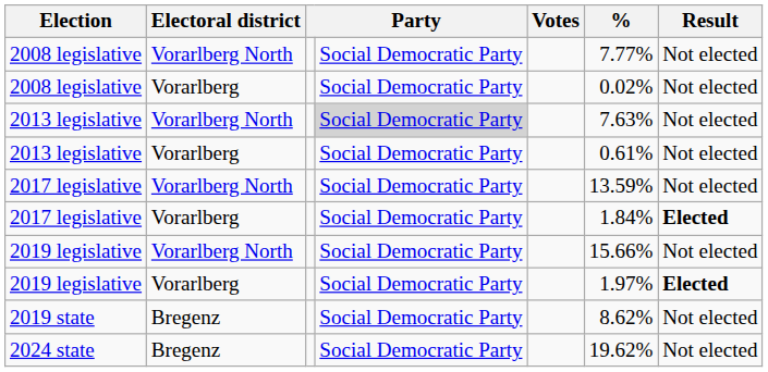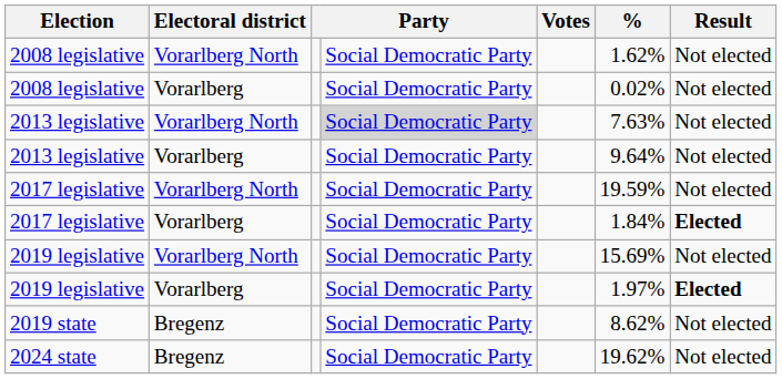 <table class="wikitable" style="text-align:left;">
 <tr>
 <th scope=col>Election</th>
 <th scope=col>Electoral district</th>
 <th scope=col colspan="2">Party</th>
 <th scope=col>Votes</th>
 <th scope=col>%</th>
 <th scope=col>Result</th>
 </tr>
 <tr>
 <td><a href='#'>2008 legislative</a></td>
 <td><a href='#'>Vorarlberg North</a></td>
 <td style="background:"></td>
 <td><a href='#'>Social Democratic Party</a></td>
 <td align=right></td>
-<td align=right>7.77%</td>
+<td align=right>1.62%</td>
 <td>Not elected</td>
 </tr>
 <tr>
 <td><a href='#'>2008 legislative</a></td>
 <td>Vorarlberg</td>
 <td style="background:"></td>
 <td><a href='#'>Social Democratic Party</a></td>
 <td align=right></td>
 <td align=right>0.02%</td>
 <td>Not elected</td>
 </tr>
 <tr>
 <td><a href='#'>2013 legislative</a></td>
 <td><a href='#'>Vorarlberg North</a></td>
 <td style="background:"></td>
 <td style="background: lightgrey;"><a href='#'>Social Democratic Party</a></td>
 <td align=right></td>
 <td align=right>7.63%</td>
 <td>Not elected</td>
 </tr>
 <tr>
 <td><a href='#'>2013 legislative</a></td>
 <td>Vorarlberg</td>
 <td style="background:"></td>
 <td><a href='#'>Social Democratic Party</a></td>
 <td align=right></td>
-<td align=right>0.61%</td>
+<td align=right>9.64%</td>
 <td>Not elected</td>
 </tr>
 <tr>
 <td><a href='#'>2017 legislative</a></td>
 <td><a href='#'>Vorarlberg North</a></td>
 <td style="background:"></td>
 <td><a href='#'>Social Democratic Party</a></td>
 <td align=right></td>
-<td align=right>13.59%</td>
+<td align=right>19.59%</td>
 <td>Not elected</td>
 </tr>
 <tr>
 <td><a href='#'>2017 legislative</a></td>
 <td>Vorarlberg</td>
 <td style="background:"></td>
 <td><a href='#'>Social Democratic Party</a></td>
 <td align=right></td>
 <td align=right>1.84%</td>
 <td><strong>Elected</strong></td>
 </tr>
 <tr>
 <td><a href='#'>2019 legislative</a></td>
 <td><a href='#'>Vorarlberg North</a></td>
 <td style="background:"></td>
 <td><a href='#'>Social Democratic Party</a></td>
 <td align=right></td>
-<td align=right>15.66%</td>
+<td align=right>15.69%</td>
 <td>Not elected</td>
 </tr>
 <tr>
 <td><a href='#'>2019 legislative</a></td>
 <td>Vorarlberg</td>
 <td style="background:"></td>
 <td><a href='#'>Social Democratic Party</a></td>
 <td align=right></td>
 <td align=right>1.97%</td>
 <td><strong>Elected</strong></td>
 </tr>
 <tr>
 <td><a href='#'>2019 state</a></td>
 <td>Bregenz</td>
 <td style="background:"></td>
 <td><a href='#'>Social Democratic Party</a></td>
 <td align=right></td>
 <td align=right>8.62%</td>
 <td>Not elected</td>
 </tr>
 <tr>
 <td><a href='#'>2024 state</a></td>
 <td>Bregenz</td>
 <td style="background:"></td>
 <td><a href='#'>Social Democratic Party</a></td>
 <td align=right></td>
 <td align=right>19.62%</td>
 <td>Not elected</td>
 </tr>
 </table>
